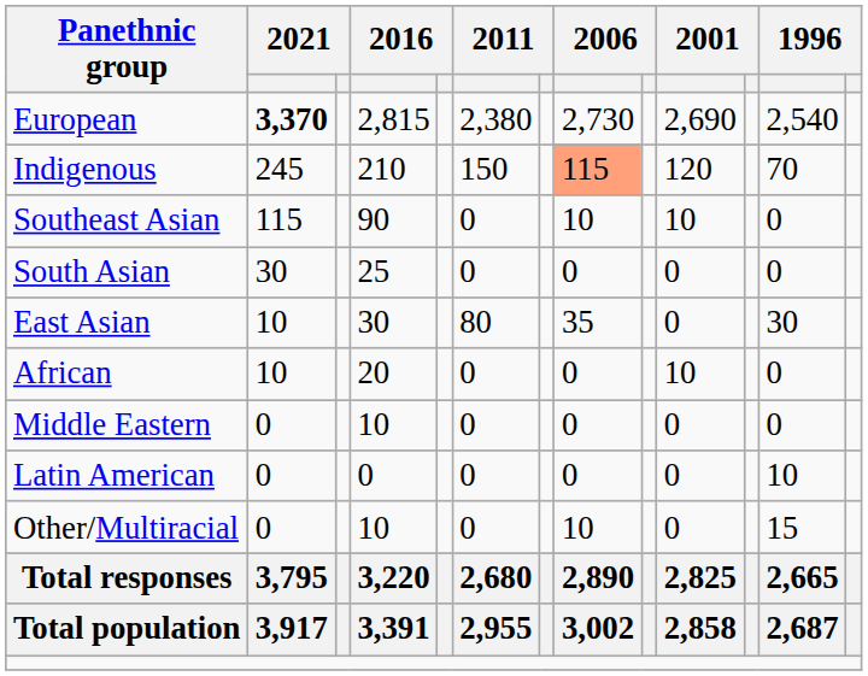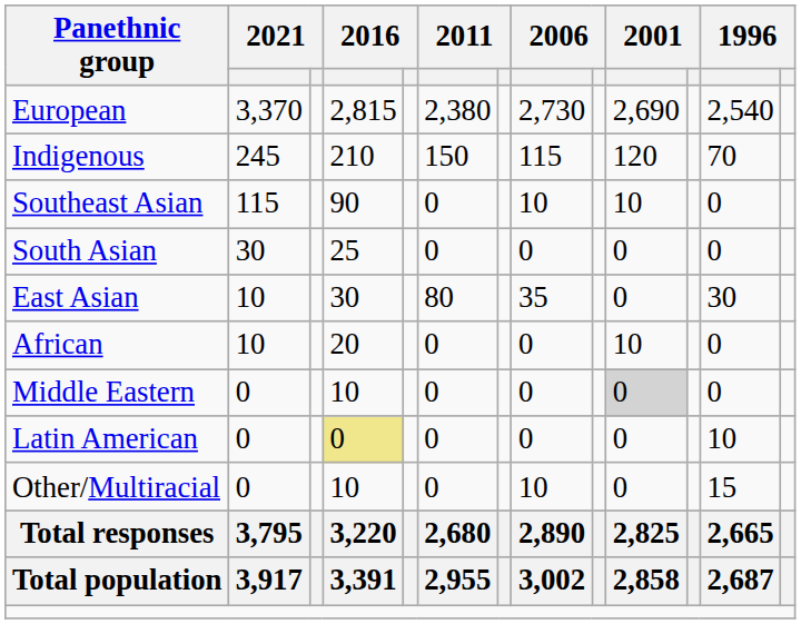 <table class="wikitable collapsible sortable">
 <tr>
 <th rowspan="2"><a href='#'>Panethnic</a><br>group</th>
 <th colspan="2">2021</th>
 <th colspan="2">2016</th>
 <th colspan="2">2011</th>
 <th colspan="2">2006</th>
 <th colspan="2">2001</th>
 <th colspan="2">1996</th>
 </tr>
 <tr>
 <th><a href='#'></a></th>
 <th></th>
 <th></th>
 <th></th>
 <th></th>
 <th></th>
 <th></th>
 <th></th>
 <th></th>
 <th></th>
 <th></th>
 <th></th>
 </tr>
 <tr>
 <td><a href='#'>European</a></td>
-<td><strong>3,370</strong></td>
+<td>3,370</td>
 <td></td>
 <td>2,815</td>
 <td></td>
 <td>2,380</td>
 <td></td>
 <td>2,730</td>
 <td></td>
 <td>2,690</td>
 <td></td>
 <td>2,540</td>
 <td></td>
 </tr>
 <tr>
 <td><a href='#'>Indigenous</a></td>
 <td>245</td>
 <td></td>
 <td>210</td>
 <td></td>
 <td>150</td>
 <td></td>
-<td style="background: lightsalmon;">115</td>
+<td>115</td>
 <td></td>
 <td>120</td>
 <td></td>
 <td>70</td>
 <td></td>
 </tr>
 <tr>
 <td><a href='#'>Southeast Asian</a></td>
 <td>115</td>
 <td></td>
 <td>90</td>
 <td></td>
 <td>0</td>
 <td></td>
 <td>10</td>
 <td></td>
 <td>10</td>
 <td></td>
 <td>0</td>
 <td></td>
 </tr>
 <tr>
 <td><a href='#'>South Asian</a></td>
 <td>30</td>
 <td></td>
 <td>25</td>
 <td></td>
 <td>0</td>
 <td></td>
 <td>0</td>
 <td></td>
 <td>0</td>
 <td></td>
 <td>0</td>
 <td></td>
 </tr>
 <tr>
 <td><a href='#'>East Asian</a></td>
 <td>10</td>
 <td></td>
 <td>30</td>
 <td></td>
 <td>80</td>
 <td></td>
 <td>35</td>
 <td></td>
 <td>0</td>
 <td></td>
 <td>30</td>
 <td></td>
 </tr>
 <tr>
 <td><a href='#'>African</a></td>
 <td>10</td>
 <td></td>
 <td>20</td>
 <td></td>
 <td>0</td>
 <td></td>
 <td>0</td>
 <td></td>
 <td>10</td>
 <td></td>
 <td>0</td>
 <td></td>
 </tr>
 <tr>
 <td><a href='#'>Middle Eastern</a></td>
 <td>0</td>
 <td></td>
 <td>10</td>
 <td></td>
 <td>0</td>
 <td></td>
 <td>0</td>
 <td></td>
-<td>0</td>
+<td style="background: lightgrey;">0</td>
 <td></td>
 <td>0</td>
 <td></td>
 </tr>
 <tr>
 <td><a href='#'>Latin American</a></td>
 <td>0</td>
 <td></td>
-<td>0</td>
+<td style="background: khaki;">0</td>
 <td></td>
 <td>0</td>
 <td></td>
 <td>0</td>
 <td></td>
 <td>0</td>
 <td></td>
 <td>10</td>
 <td></td>
 </tr>
 <tr>
 <td>Other/<a href='#'>Multiracial</a></td>
 <td>0</td>
 <td></td>
 <td>10</td>
 <td></td>
 <td>0</td>
 <td></td>
 <td>10</td>
 <td></td>
 <td>0</td>
 <td></td>
 <td>15</td>
 <td></td>
 </tr>
 <tr>
 <th>Total responses</th>
 <th>3,795</th>
 <th></th>
 <th>3,220</th>
 <th></th>
 <th>2,680</th>
 <th></th>
 <th>2,890</th>
 <th></th>
 <th>2,825</th>
 <th></th>
 <th>2,665</th>
 <th></th>
 </tr>
 <tr>
 <th>Total population</th>
 <th>3,917</th>
 <th></th>
 <th>3,391</th>
 <th></th>
 <th>2,955</th>
 <th></th>
 <th>3,002</th>
 <th></th>
 <th>2,858</th>
 <th></th>
 <th>2,687</th>
 <th></th>
 </tr>
 <tr class="sortbottom">
 <td colspan="15"></td>
 </tr>
 </table>
